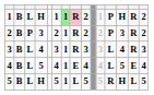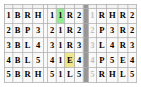 <table class="wikitable">
 <tr style="font-size:9pt"  valign="bottom">
 <th></th>
 <th></th>
 <th></th>
 <th></th>
 <td width="0.48"></td>
 <th></th>
 <th></th>
 <th></th>
 <th></th>
 <td style="background-color:#969696" width="1.2"></td>
 <th></th>
 <th></th>
 <th></th>
 <th></th>
 <th></th>
 </tr>
 <tr style="font-size:9pt">
 <td style="font-weight:bold" Height="12" align="center" valign="bottom">1</td>
 <td style="font-weight:bold" align="center" valign="bottom">B</td>
-<td style="font-weight:bold" align="center" valign="bottom">L</td>
+<td style="font-weight:bold" align="center" valign="bottom">R</td>
 <td style="font-weight:bold" align="center" valign="bottom">H</td>
 <td style="font-weight:bold" align="center" valign="bottom"></td>
 <td style="font-weight:bold" align="center" valign="bottom">1</td>
 <td style="background: lightgreen; font-weight:bold" align="center" valign="bottom">1</td>
-<td style="background: pink; font-weight:bold" align="center" valign="bottom">R</td>
+<td style="font-weight:bold" align="center" valign="bottom">R</td>
 <td style="font-weight:bold" align="center" valign="bottom">2</td>
 <td style="background-color:#969696"  valign="bottom"></td>
 <td style="font-weight:bold;color:#C0C0C0" align="center" valign="bottom">1</td>
-<td style="font-weight:bold" align="center" valign="bottom">P</td>
+<td style="font-weight:bold" align="center" valign="bottom">R</td>
 <td style="font-weight:bold" align="center" valign="bottom">H</td>
 <td style="font-weight:bold" align="center" valign="bottom">R</td>
 <td style="font-weight:bold" align="center" valign="bottom">2</td>
 </tr>
 <tr style="font-size:9pt">
 <td style="font-weight:bold" Height="12" align="center" valign="bottom">2</td>
 <td style="font-weight:bold" align="center" valign="bottom">B</td>
 <td style="font-weight:bold" align="center" valign="bottom">P</td>
 <td style="font-weight:bold" align="center" valign="bottom">3</td>
 <td style="font-weight:bold" align="center" valign="bottom"></td>
 <td style="font-weight:bold" align="center" valign="bottom">2</td>
 <td style="font-weight:bold" align="center" valign="bottom">1</td>
 <td style="font-weight:bold" align="center" valign="bottom">R</td>
 <td style="font-weight:bold" align="center" valign="bottom">2</td>
 <td style="background-color:#969696"  valign="bottom"></td>
 <td style="font-weight:bold;color:#C0C0C0" align="center" valign="bottom">2</td>
 <td style="font-weight:bold" align="center" valign="bottom">P</td>
 <td style="font-weight:bold" align="center" valign="bottom">3</td>
 <td style="font-weight:bold" align="center" valign="bottom">R</td>
 <td style="font-weight:bold" align="center" valign="bottom">2</td>
 </tr>
 <tr style="font-size:9pt">
 <td style="font-weight:bold" Height="12" align="center" valign="bottom">3</td>
 <td style="font-weight:bold" align="center" valign="bottom">B</td>
 <td style="font-weight:bold" align="center" valign="bottom">L</td>
 <td style="font-weight:bold" align="center" valign="bottom">4</td>
 <td style="font-weight:bold" align="center" valign="bottom"></td>
 <td style="font-weight:bold" align="center" valign="bottom">3</td>
 <td style="font-weight:bold" align="center" valign="bottom">1</td>
 <td style="font-weight:bold" align="center" valign="bottom">R</td>
 <td style="font-weight:bold" align="center" valign="bottom">3</td>
 <td style="background-color:#969696"  valign="bottom"></td>
 <td style="font-weight:bold;color:#C0C0C0" align="center" valign="bottom">3</td>
 <td style="font-weight:bold" align="center" valign="bottom">L</td>
 <td style="font-weight:bold" align="center" valign="bottom">4</td>
 <td style="font-weight:bold" align="center" valign="bottom">R</td>
 <td style="font-weight:bold" align="center" valign="bottom">3</td>
 </tr>
 <tr style="font-size:9pt">
 <td style="font-weight:bold" Height="12" align="center" valign="bottom">4</td>
 <td style="font-weight:bold" align="center" valign="bottom">B</td>
 <td style="font-weight:bold" align="center" valign="bottom">L</td>
 <td style="font-weight:bold" align="center" valign="bottom">5</td>
 <td style="font-weight:bold" align="center" valign="bottom"></td>
 <td style="font-weight:bold" align="center" valign="bottom">4</td>
 <td style="font-weight:bold" align="center" valign="bottom">1</td>
-<td style="font-weight:bold" align="center" valign="bottom">E</td>
+<td style="background: khaki; font-weight:bold" align="center" valign="bottom">E</td>
 <td style="font-weight:bold" align="center" valign="bottom">4</td>
 <td style="background-color:#969696"  valign="bottom"></td>
 <td style="font-weight:bold;color:#C0C0C0" align="center" valign="bottom">4</td>
-<td style="font-weight:bold" align="center" valign="bottom">L</td>
+<td style="font-weight:bold" align="center" valign="bottom">P</td>
 <td style="font-weight:bold" align="center" valign="bottom">5</td>
 <td style="font-weight:bold" align="center" valign="bottom">E</td>
 <td style="font-weight:bold" align="center" valign="bottom">4</td>
 </tr>
 <tr style="font-size:9pt">
 <td style="font-weight:bold" Height="12" align="center" valign="bottom">5</td>
 <td style="font-weight:bold" align="center" valign="bottom">B</td>
-<td style="font-weight:bold" align="center" valign="bottom">L</td>
+<td style="font-weight:bold" align="center" valign="bottom">R</td>
 <td style="font-weight:bold" align="center" valign="bottom">H</td>
 <td style="font-weight:bold" align="center" valign="bottom"></td>
 <td style="font-weight:bold" align="center" valign="bottom">5</td>
 <td style="font-weight:bold" align="center" valign="bottom">1</td>
 <td style="font-weight:bold" align="center" valign="bottom">L</td>
 <td style="font-weight:bold" align="center" valign="bottom">5</td>
 <td style="background-color:#969696"  valign="bottom"></td>
 <td style="font-weight:bold;color:#C0C0C0" align="center" valign="bottom">5</td>
 <td style="font-weight:bold" align="center" valign="bottom">R</td>
 <td style="font-weight:bold" align="center" valign="bottom">H</td>
 <td style="font-weight:bold" align="center" valign="bottom">L</td>
 <td style="font-weight:bold" align="center" valign="bottom">5</td>
 </tr>
 </table>
